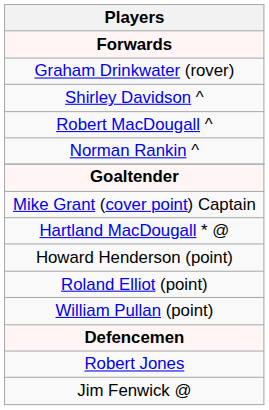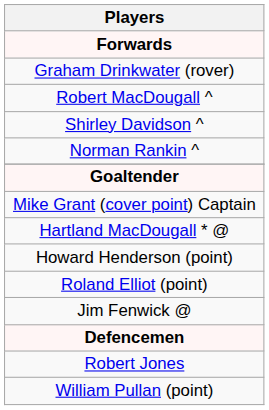 <table class="wikitable" style="text-align:center;">
 <tr>
 <th style="width: 240px;">Players</th>
 </tr>
 <tr style="font-weight:bold; background-color:#FFF5F5;">
 <td colspan="1" align="center"><strong>Forwards</strong></td>
 </tr>
 <tr>
 <td><a href='#'>Graham Drinkwater</a> (rover)</td>
 </tr>
 <tr>
-<td><a href='#'>Shirley Davidson</a> ^</td>
+<td><a href='#'>Robert MacDougall</a> ^</td>
 </tr>
 <tr>
-<td><a href='#'>Robert MacDougall</a> ^</td>
+<td><a href='#'>Shirley Davidson</a> ^</td>
 </tr>
 <tr>
 <td><a href='#'>Norman Rankin</a> ^</td>
 </tr>
 <tr>
 </tr>
 <tr style="font-weight:bold; background-color:#FFF5F5;">
 <td colspan="1" align="center"><strong>Goaltender</strong></td>
 </tr>
 <tr>
 <td><a href='#'>Mike Grant</a> (<a href='#'>cover point</a>) Captain</td>
 </tr>
 <tr>
 <td><a href='#'>Hartland MacDougall</a> * @</td>
 </tr>
 <tr>
 <td>Howard Henderson (point)</td>
 </tr>
 <tr>
 <td><a href='#'>Roland Elliot</a> (point)</td>
 </tr>
 <tr>
-<td><a href='#'>William Pullan</a> (point)</td>
+<td>Jim Fenwick @</td>
 </tr>
 <tr style="font-weight:bold; background-color:#FFF5F5;">
 <td colspan="1" align="center"><strong>Defencemen</strong></td>
 </tr>
 <tr>
 <td><a href='#'>Robert Jones</a></td>
 </tr>
 <tr>
-<td>Jim Fenwick @</td>
+<td><a href='#'>William Pullan</a> (point)</td>
 </tr>
 </table>
